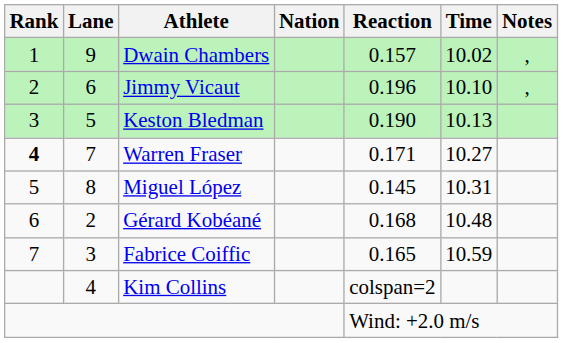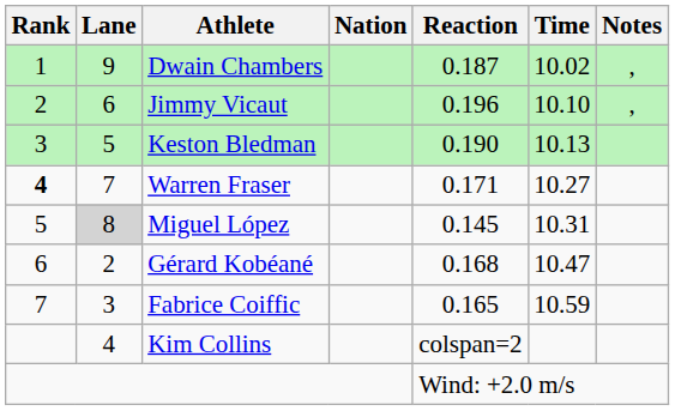 <table class="wikitable sortable" style="text-align:center">
 <tr>
 <th>Rank</th>
 <th>Lane</th>
 <th>Athlete</th>
 <th>Nation</th>
 <th>Reaction</th>
 <th>Time</th>
 <th>Notes</th>
 </tr>
 <tr style="background:#bbf3bb;">
 <td>1</td>
 <td>9</td>
 <td align=left><a href='#'>Dwain Chambers</a></td>
 <td align=left></td>
-<td>0.157</td>
+<td>0.187</td>
 <td>10.02</td>
 <td>, </td>
 </tr>
 <tr style="background:#bbf3bb;">
 <td>2</td>
 <td>6</td>
 <td align=left><a href='#'>Jimmy Vicaut</a></td>
 <td align=left></td>
 <td>0.196</td>
 <td>10.10</td>
 <td>, </td>
 </tr>
 <tr style="background:#bbf3bb;">
 <td>3</td>
 <td>5</td>
 <td align=left><a href='#'>Keston Bledman</a></td>
 <td align=left></td>
 <td>0.190</td>
 <td>10.13</td>
 <td></td>
 </tr>
 <tr>
 <td><strong>4</strong></td>
 <td>7</td>
 <td align=left><a href='#'>Warren Fraser</a></td>
 <td align=left></td>
 <td>0.171</td>
 <td>10.27</td>
 <td></td>
 </tr>
 <tr>
 <td>5</td>
-<td>8</td>
+<td style="background: lightgrey;">8</td>
 <td align=left><a href='#'>Miguel López</a></td>
 <td align=left></td>
 <td>0.145</td>
 <td>10.31</td>
 <td></td>
 </tr>
 <tr>
 <td>6</td>
 <td>2</td>
 <td align=left><a href='#'>Gérard Kobéané</a></td>
 <td align=left></td>
 <td>0.168</td>
-<td>10.48</td>
+<td>10.47</td>
 <td></td>
 </tr>
 <tr>
 <td>7</td>
 <td>3</td>
 <td align=left><a href='#'>Fabrice Coiffic</a></td>
 <td align=left></td>
 <td>0.165</td>
 <td>10.59</td>
 <td></td>
 </tr>
 <tr>
 <td></td>
 <td>4</td>
 <td align=left><a href='#'>Kim Collins</a></td>
 <td align=left></td>
 <td>colspan=2 </td>
 <td></td>
 </tr>
 <tr class="sortbottom">
 <td colspan=4></td>
 <td colspan="4" style="text-align:left;">Wind: +2.0 m/s</td>
 </tr>
 </table>
